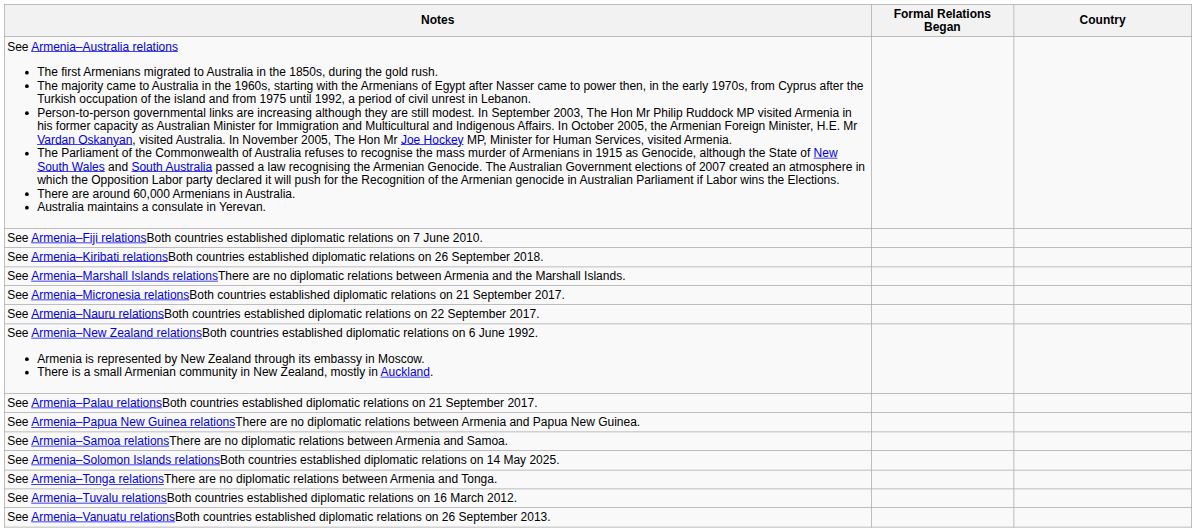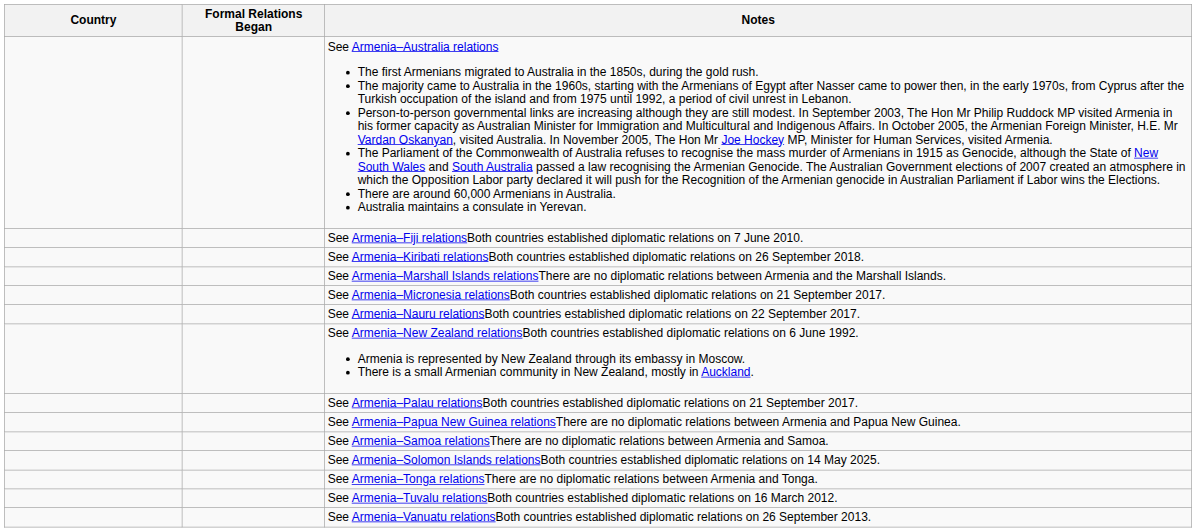 <table class="wikitable sortable" style="width:100%; margin:auto;">
 <tr>
+<th style="width:15%;">Country</th>
+<th style="width:12%;">Formal Relations Began</th>
 <th>Notes</th>
-<th style="width:12%;">Formal Relations Began</th>
-<th style="width:15%;">Country</th>
 </tr>
 <tr valign="top">
+<td></td>
+<td align=right> </td>
 <td>See <a href='#'>Armenia–Australia relations</a><br><ul><li>The first Armenians migrated to Australia in the 1850s, during the gold rush.</li><li>The majority came to Australia in the 1960s, starting with the Armenians of Egypt after Nasser came to power then, in the early 1970s, from Cyprus after the Turkish occupation of the island and from 1975 until 1992, a period of civil unrest in Lebanon.</li><li>Person-to-person governmental links are increasing although they are still modest. In September 2003, The Hon Mr Philip Ruddock MP visited Armenia in his former capacity as Australian Minister for Immigration and Multicultural and Indigenous Affairs. In October 2005, the Armenian Foreign Minister, H.E. Mr <a href='#'>Vardan Oskanyan</a>, visited Australia. In November 2005, The Hon Mr <a href='#'>Joe Hockey</a> MP, Minister for Human Services, visited Armenia.</li><li>The Parliament of the Commonwealth of Australia refuses to recognise the mass murder of Armenians in 1915 as Genocide, although the State of <a href='#'>New South Wales</a> and <a href='#'>South Australia</a> passed a law recognising the Armenian Genocide. The Australian Government elections of 2007 created an atmosphere in which the Opposition Labor party declared it will push for the Recognition of the Armenian genocide in Australian Parliament if Labor wins the Elections.</li><li>There are around 60,000 Armenians in Australia.</li><li>Australia maintains a consulate in Yerevan.</li></ul></td>
-<td align=right> </td>
-<td></td>
 </tr>
 <tr valign="top">
+<td></td>
+<td align=right> </td>
 <td>See <a href='#'>Armenia–Fiji relations</a>Both countries established diplomatic relations on 7 June 2010.</td>
-<td align=right> </td>
-<td></td>
 </tr>
 <tr valign="top">
+<td></td>
+<td align=right> </td>
 <td>See <a href='#'>Armenia–Kiribati relations</a>Both countries established diplomatic relations on 26 September 2018.</td>
-<td align=right> </td>
-<td></td>
 </tr>
 <tr valign="top">
-<td>See <a href='#'>Armenia–Marshall Islands relations</a>There are no diplomatic relations between Armenia and the Marshall Islands.</td>
 <td></td>
 <td></td>
+<td>See <a href='#'>Armenia–Marshall Islands relations</a>There are no diplomatic relations between Armenia and the Marshall Islands.</td>
 </tr>
 <tr valign="top">
+<td></td>
+<td align=right> </td>
 <td>See <a href='#'>Armenia–Micronesia relations</a>Both countries established diplomatic relations on 21 September 2017.</td>
-<td align=right> </td>
-<td></td>
 </tr>
 <tr valign="top">
+<td></td>
+<td align=right> </td>
 <td>See <a href='#'>Armenia–Nauru relations</a>Both countries established diplomatic relations on 22 September 2017.</td>
-<td align=right> </td>
-<td></td>
 </tr>
 <tr valign="top">
+<td></td>
+<td align=right> </td>
 <td>See <a href='#'>Armenia–New Zealand relations</a>Both countries established diplomatic relations on 6 June 1992.<br><ul><li>Armenia is represented by New Zealand through its embassy in Moscow.</li><li>There is a small Armenian community in New Zealand, mostly in <a href='#'>Auckland</a>.</li></ul></td>
-<td align=right> </td>
-<td></td>
 </tr>
 <tr valign="top">
+<td></td>
+<td align=right> </td>
 <td>See <a href='#'>Armenia–Palau relations</a>Both countries established diplomatic relations on 21 September 2017.</td>
-<td align=right> </td>
-<td></td>
 </tr>
 <tr valign="top">
-<td>See <a href='#'>Armenia–Papua New Guinea relations</a>There are no diplomatic relations between Armenia and Papua New Guinea.</td>
 <td></td>
 <td></td>
+<td>See <a href='#'>Armenia–Papua New Guinea relations</a>There are no diplomatic relations between Armenia and Papua New Guinea.</td>
 </tr>
 <tr valign="top">
-<td>See <a href='#'>Armenia–Samoa relations</a>There are no diplomatic relations between Armenia and Samoa.</td>
 <td></td>
 <td></td>
+<td>See <a href='#'>Armenia–Samoa relations</a>There are no diplomatic relations between Armenia and Samoa.</td>
 </tr>
 <tr valign="top">
+<td></td>
+<td align=right> </td>
 <td>See <a href='#'>Armenia–Solomon Islands relations</a>Both countries established diplomatic relations on 14 May 2025.</td>
-<td align=right> </td>
-<td></td>
 </tr>
 <tr valign="top">
-<td>See <a href='#'>Armenia–Tonga relations</a>There are no diplomatic relations between Armenia and Tonga.</td>
 <td></td>
 <td></td>
+<td>See <a href='#'>Armenia–Tonga relations</a>There are no diplomatic relations between Armenia and Tonga.</td>
 </tr>
 <tr valign="top">
+<td></td>
+<td align=right> </td>
 <td>See <a href='#'>Armenia–Tuvalu relations</a>Both countries established diplomatic relations on 16 March 2012.</td>
-<td align=right> </td>
-<td></td>
 </tr>
 <tr valign="top">
+<td></td>
+<td align=right> </td>
 <td>See <a href='#'>Armenia–Vanuatu relations</a>Both countries established diplomatic relations on 26 September 2013.</td>
-<td align=right> </td>
-<td></td>
 </tr>
 </table>
